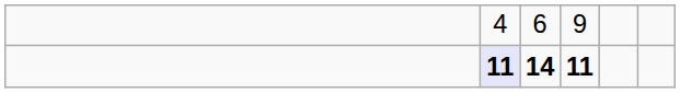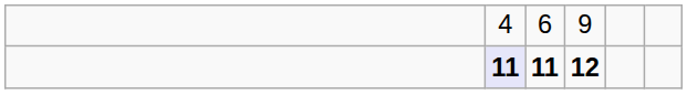 <table class="wikitable">
 <tr>
 <td style="width:18em"></td>
 <td align=center style="width:1em">4</td>
 <td align=center style="width:1em">6</td>
 <td align=center style="width:1em">9</td>
 <td align=center style="width:1em"></td>
 <td align=center style="width:1em"></td>
 </tr>
 <tr>
 <td style="width:18em"></td>
 <td align=center style="background: lavender; width:1em"><strong>11</strong></td>
-<td align=center style="width:1em"><strong>14</strong></td>
 <td align=center style="width:1em"><strong>11</strong></td>
+<td align=center style="width:1em"><strong>12</strong></td>
 <td align=center style="width:1em"></td>
 <td align=center style="width:1em"></td>
 </tr>
 </table>
